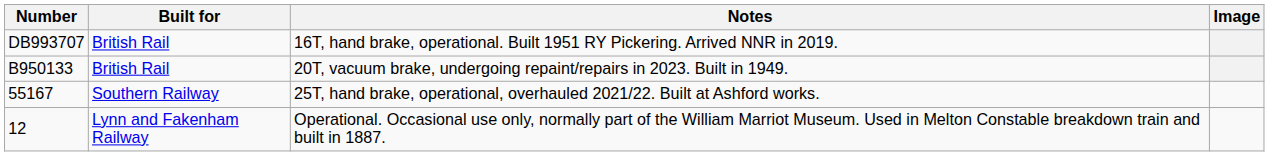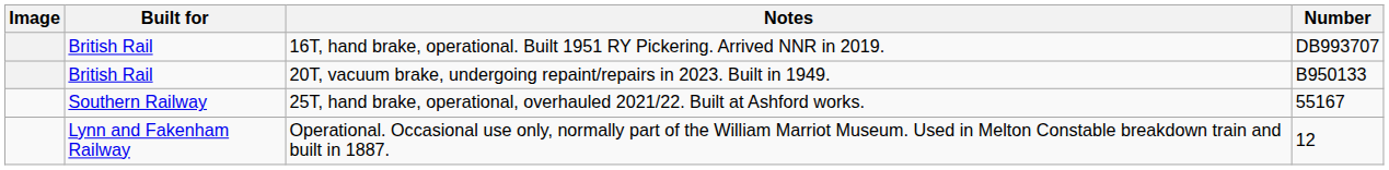 <table class="wikitable">
 <tr>
-<th>Number</th>
+<th>Image</th>
 <th>Built for</th>
 <th>Notes</th>
-<th>Image</th>
+<th>Number</th>
 </tr>
 <tr>
-<td>DB993707</td>
+<th></th>
 <td><a href='#'>British Rail</a></td>
 <td>16T, hand brake, operational. Built 1951 RY Pickering. Arrived NNR in 2019.</td>
-<th></th>
+<td>DB993707</td>
 </tr>
 <tr>
-<td>B950133</td>
+<th></th>
 <td><a href='#'>British Rail</a></td>
 <td>20T, vacuum brake, undergoing repaint/repairs in 2023. Built in 1949.</td>
-<th></th>
+<td>B950133</td>
 </tr>
 <tr>
-<td>55167</td>
+<td></td>
 <td><a href='#'>Southern Railway</a></td>
 <td>25T, hand brake, operational, overhauled 2021/22. Built at Ashford works.</td>
-<td></td>
+<td>55167</td>
 </tr>
 <tr>
-<td>12</td>
+<td></td>
 <td><a href='#'>Lynn and Fakenham Railway</a></td>
 <td>Operational. Occasional use only, normally part of the William Marriot Museum. Used in Melton Constable breakdown train and built in 1887.</td>
-<td></td>
+<td>12</td>
 </tr>
 </table>
